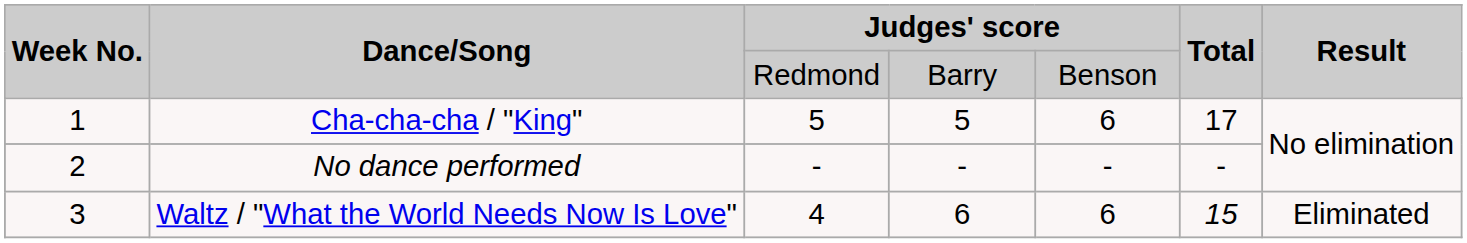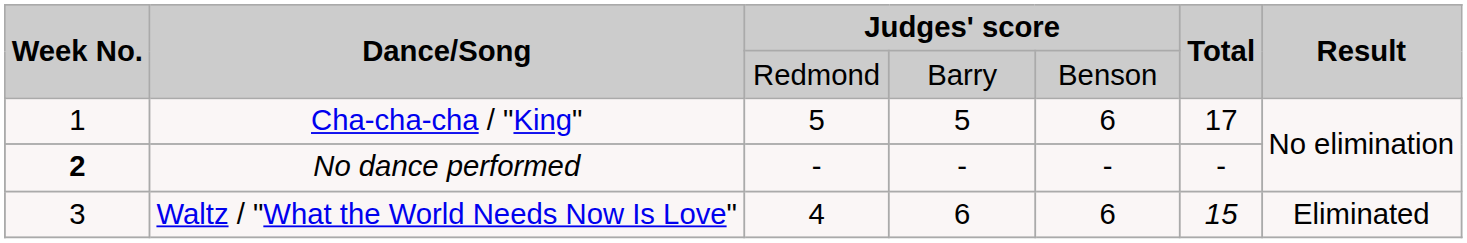 <table class="wikitable collapsible">
 <tr>
 <th rowspan="2" style="background:#ccc; text-align:Center;"><strong>Week No.</strong></th>
 <th rowspan="2" style="background:#ccc; text-align:Center;"><strong>Dance/Song</strong></th>
 <th colspan="3" style="background:#ccc; text-align:Center;"><strong>Judges' score</strong></th>
 <th rowspan="2" style="background:#ccc; text-align:Center;"><strong>Total</strong></th>
 <th rowspan="2" style="background:#ccc; text-align:Center;"><strong>Result</strong></th>
 </tr>
 <tr style="text-align:center; background:#ccc;">
 <td style="width:10%; ">Redmond</td>
 <td style="width:10%; ">Barry</td>
 <td style="width:10%; ">Benson</td>
 </tr>
 <tr style="text-align:center; background:#faf6f6;">
 <td>1</td>
 <td><a href='#'>Cha-cha-cha</a> / "<a href='#'>King</a>"</td>
 <td>5</td>
 <td>5</td>
 <td>6</td>
 <td>17</td>
 <td rowspan="2">No elimination</td>
 </tr>
 <tr style="text-align:center; background:#faf6f6;">
-<td>2</td>
+<td><strong>2</strong></td>
 <td><em>No dance performed</em></td>
 <td>-</td>
 <td>-</td>
 <td>-</td>
 <td>-</td>
 </tr>
 <tr style="text-align:center; background:#faf6f6;">
 <td>3</td>
 <td><a href='#'>Waltz</a> / "<a href='#'>What the World Needs Now Is Love</a>"</td>
 <td>4</td>
 <td>6</td>
 <td>6</td>
 <td><span><em>15</em></span></td>
 <td>Eliminated</td>
 </tr>
 </table>
